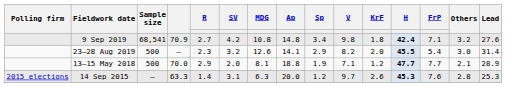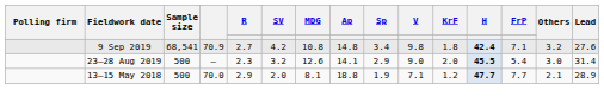 <table class="wikitable sortable" style="text-align:center;font-size:90%;line-height:14px;">
 <tr style="height:40px;">
 <th style="width:100px;" rowspan="2">Polling firm</th>
 <th style="width:100px;" rowspan="2">Fieldwork date</th>
 <th style="width:35px;" rowspan="2">Sample<br>size</th>
 <th style="width:30px;" rowspan="2"></th>
 <th class="unsortable" style="width:40px;"><a href='#'>R</a></th>
 <th class="unsortable" style="width:40px;"><a href='#'>SV</a></th>
 <th class="unsortable" style="width:40px;"><a href='#'>MDG</a></th>
 <th class="unsortable" style="width:40px;"><a href='#'>Ap</a></th>
 <th class="unsortable" style="width:40px;"><a href='#'>Sp</a></th>
 <th class="unsortable" style="width:40px;"><a href='#'>V</a></th>
 <th class="unsortable" style="width:40px;"><a href='#'>KrF</a></th>
 <th class="unsortable" style="width:40px;"><a href='#'>H</a></th>
 <th class="unsortable" style="width:40px;"><a href='#'>FrP</a></th>
 <th class="unsortable" style="width:30px;" rowspan="2">Others</th>
 <th style="width:30px;" rowspan="2">Lead</th>
 </tr>
 <tr>
 <th style="background:"></th>
 <th style="background:"></th>
 <th style="background:"></th>
 <th style="background:"></th>
 <th style="background:"></th>
 <th style="background:"></th>
 <th style="background:"></th>
 <th style="background:"></th>
 <th style="background:"></th>
 </tr>
 <tr style="background:#E9E9E9;">
 <td></td>
 <td data-sort-value="2019-09-09">9 Sep 2019</td>
 <td>68,541</td>
 <td>70.9</td>
 <td>2.7</td>
 <td>4.2</td>
 <td>10.8</td>
 <td>14.8</td>
 <td>3.4</td>
 <td>9.8</td>
 <td>1.8</td>
 <td style="background:#DCE7F3;"><strong>42.4</strong></td>
 <td>7.1</td>
 <td>3.2</td>
 <td style="background:">27.6</td>
 </tr>
 <tr>
 <td></td>
 <td data-sort-value="2019-09-03">23–28 Aug 2019</td>
 <td>500</td>
 <td>–</td>
 <td>2.3</td>
 <td>3.2</td>
 <td>12.6</td>
 <td>14.1</td>
 <td>2.9</td>
-<td>8.2</td>
+<td>9.0</td>
 <td>2.0</td>
 <td style="background:#DCE7F3;"><strong>45.5</strong></td>
 <td>5.4</td>
 <td>3.0</td>
 <td style="background:">31.4</td>
 </tr>
 <tr>
 <td></td>
 <td data-sort-value="2019-05-15">13–15 May 2018</td>
 <td>500</td>
 <td>70.0</td>
 <td>2.9</td>
 <td>2.0</td>
 <td>8.1</td>
 <td>18.8</td>
 <td>1.9</td>
 <td>7.1</td>
 <td>1.2</td>
 <td style="background:#DCE7F3;"><strong>47.7</strong></td>
 <td>7.7</td>
 <td>2.1</td>
 <td style="background:">28.9</td>
 </tr>
-<tr style="background:#E9E9E9;">
-<td><a href='#'>2015 elections</a></td>
-<td data-sort-value="2015-09-14">14 Sep 2015</td>
-<td>–</td>
-<td>63.3</td>
-<td>1.4</td>
-<td>3.1</td>
-<td>6.3</td>
-<td>20.0</td>
-<td>1.2</td>
-<td>9.7</td>
-<td>2.6</td>
-<td style="background:#DCE7F3;"><strong>45.3</strong></td>
-<td>7.6</td>
-<td>2.8</td>
-<td style="background:">25.3</td>
-</tr>
 </table>
